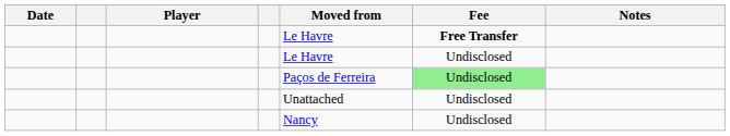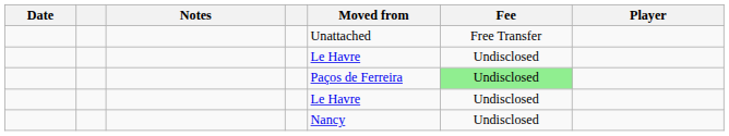 <table class="wikitable sortable">
 <tr>
 <th style="width:80px;">Date</th>
 <th style="width:30px;"></th>
-<th style="width:180px;">Player</th>
+<th style="width:215px;" class="unsortable">Notes</th>
 <th style="width:20px;"></th>
 <th style="width:155px;">Moved from</th>
 <th style="width:155px;" class="unsortable">Fee</th>
-<th style="width:215px;" class="unsortable">Notes</th>
+<th style="width:180px;">Player</th>
 </tr>
 <tr>
 <td></td>
 <td align=center></td>
+<td align=center></td>
+<td></td>
+<td>Unattached</td>
+<td align=center>Free Transfer</td>
 <td> </td>
-<td></td>
-<td> <a href='#'>Le Havre</a></td>
-<td align=center><strong>Free Transfer</strong></td>
-<td align=center></td>
 </tr>
 <tr>
 <td></td>
 <td align=center></td>
-<td> </td>
+<td align=center></td>
 <td></td>
 <td> <a href='#'>Le Havre</a></td>
 <td align=center>Undisclosed</td>
-<td align=center></td>
+<td> </td>
 </tr>
 <tr>
 <td></td>
 <td align=center></td>
-<td> </td>
+<td align=center></td>
 <td></td>
 <td> <a href='#'>Paços de Ferreira</a></td>
 <td align=center style="background: lightgreen;">Undisclosed</td>
-<td align=center></td>
+<td> </td>
 </tr>
 <tr>
 <td></td>
 <td align=center></td>
+<td align=center></td>
+<td></td>
+<td> <a href='#'>Le Havre</a></td>
+<td align=center>Undisclosed</td>
 <td> </td>
-<td></td>
-<td>Unattached</td>
-<td align=center>Undisclosed</td>
-<td align=center></td>
 </tr>
 <tr>
 <td></td>
 <td align=center></td>
-<td> </td>
+<td align=center></td>
 <td></td>
 <td> <a href='#'>Nancy</a></td>
 <td align=center>Undisclosed</td>
-<td align=center></td>
+<td> </td>
 </tr>
 </table>
